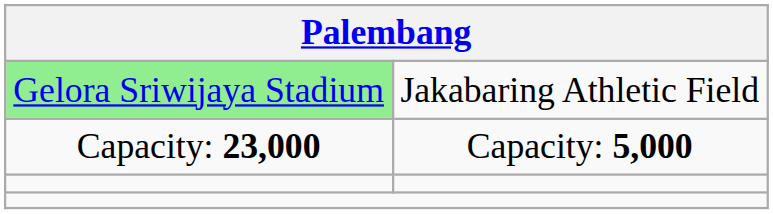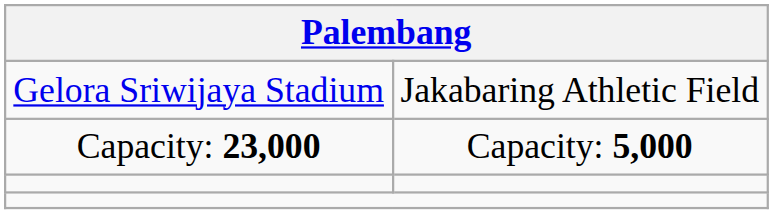 <table class="wikitable" style="text-align:center">
 <tr>
 <th colspan="2"><a href='#'>Palembang</a></th>
 </tr>
 <tr>
-<td style="background: lightgreen;"><a href='#'>Gelora Sriwijaya Stadium</a></td>
+<td><a href='#'>Gelora Sriwijaya Stadium</a></td>
 <td>Jakabaring Athletic Field</td>
 </tr>
 <tr>
 <td>Capacity: <strong>23,000</strong></td>
 <td>Capacity: <strong>5,000</strong></td>
 </tr>
 <tr>
 <td></td>
 <td></td>
 </tr>
 <tr>
 <td colspan=2></td>
 </tr>
 </table>
